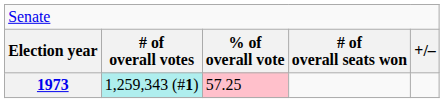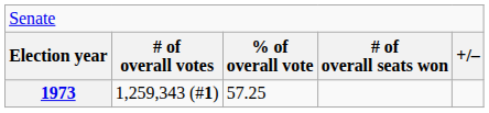 <table class=wikitable>
 <tr>
 <td colspan=6><a href='#'>Senate</a></td>
 </tr>
 <tr>
 <th>Election year</th>
 <th># of<br>overall votes</th>
 <th>% of<br>overall vote</th>
 <th># of<br>overall seats won</th>
 <th>+/–</th>
 </tr>
 <tr>
 <th><a href='#'>1973</a></th>
-<td style="background: paleturquoise;">1,259,343 (#<strong>1</strong>)</td>
-<td style="background: pink;">57.25</td>
+<td>1,259,343 (#<strong>1</strong>)</td>
+<td>57.25</td>
 <td></td>
 <td></td>
 </tr>
 </table>
